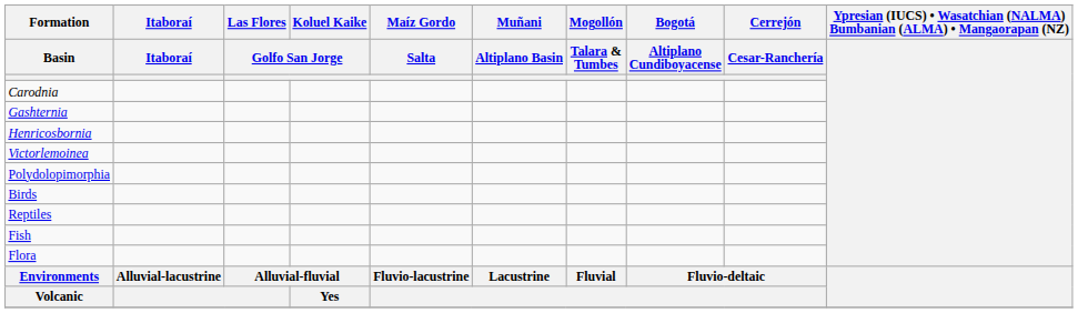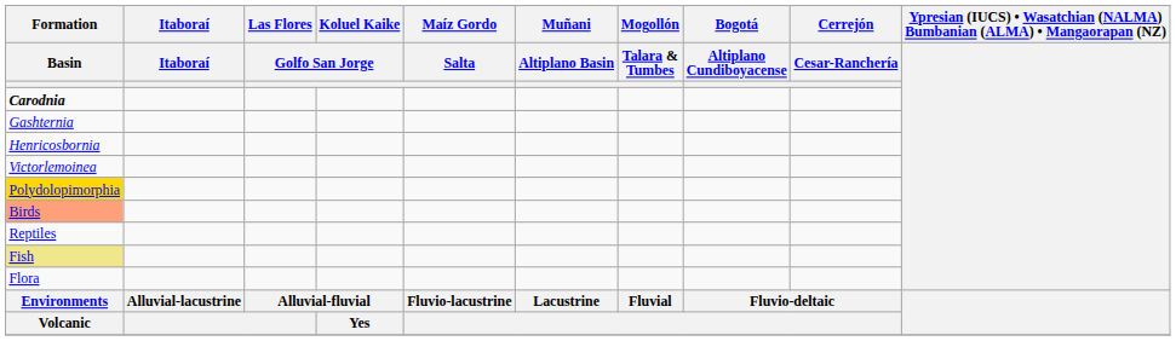 <table class="wikitable" style="font-size: 70%">
 <tr>
 <th>Formation</th>
 <th><a href='#'>Itaboraí</a></th>
 <th><a href='#'>Las Flores</a></th>
 <th><a href='#'>Koluel Kaike</a></th>
 <th><a href='#'>Maíz Gordo</a></th>
 <th><a href='#'>Muñani</a></th>
 <th><a href='#'>Mogollón</a></th>
 <th><a href='#'>Bogotá</a></th>
 <th><a href='#'>Cerrejón</a></th>
 <th><a href='#'>Ypresian</a> (IUCS) • <a href='#'>Wasatchian</a> (<a href='#'>NALMA</a>)<br><a href='#'>Bumbanian</a> (<a href='#'>ALMA</a>) • <a href='#'>Mangaorapan</a> (NZ)</th>
 </tr>
 <tr>
 <th>Basin</th>
 <th><a href='#'>Itaboraí</a></th>
 <th colspan=2><a href='#'>Golfo San Jorge</a></th>
 <th><a href='#'>Salta</a></th>
 <th><a href='#'>Altiplano Basin</a></th>
 <th><a href='#'>Talara</a> &<br><a href='#'>Tumbes</a></th>
 <th><a href='#'>Altiplano<br>Cundiboyacense</a></th>
 <th><a href='#'>Cesar-Ranchería</a></th>
 <th align=center rowspan=11></th>
 </tr>
 <tr>
 <th></th>
 <th></th>
 <th colspan=3></th>
 <th colspan=2></th>
 <th colspan=2></th>
 </tr>
 <tr>
-<td><em>Carodnia</em></td>
+<td><strong><em>Carodnia</em></strong></td>
 <td align=center></td>
 <td align=center></td>
 <td align=center></td>
 <td align=center></td>
 <td align=center></td>
 <td align=center></td>
 <td align=center></td>
 <td align=center></td>
 </tr>
 <tr>
 <td><em><a href='#'>Gashternia</a></em></td>
 <td align=center></td>
 <td align=center></td>
 <td align=center></td>
 <td align=center></td>
 <td align=center></td>
 <td align=center></td>
 <td align=center></td>
 <td align=center></td>
 </tr>
 <tr>
 <td><em><a href='#'>Henricosbornia</a></em></td>
 <td align=center></td>
 <td align=center></td>
 <td align=center></td>
 <td align=center></td>
 <td align=center></td>
 <td align=center></td>
 <td align=center></td>
 <td align=center></td>
 </tr>
 <tr>
 <td><em><a href='#'>Victorlemoinea</a></em></td>
 <td align=center></td>
 <td align=center></td>
 <td align=center></td>
 <td align=center></td>
 <td align=center></td>
 <td align=center></td>
 <td align=center></td>
 <td align=center></td>
 </tr>
 <tr>
-<td><a href='#'>Polydolopimorphia</a></td>
+<td style="background: gold;"><a href='#'>Polydolopimorphia</a></td>
 <td align=center></td>
 <td align=center></td>
 <td align=center></td>
 <td align=center></td>
 <td align=center></td>
 <td align=center></td>
 <td align=center></td>
 <td align=center></td>
 </tr>
 <tr>
-<td><a href='#'>Birds</a></td>
+<td style="background: lightsalmon;"><a href='#'>Birds</a></td>
 <td align=center></td>
 <td align=center></td>
 <td align=center></td>
 <td align=center></td>
 <td align=center></td>
 <td align=center></td>
 <td align=center></td>
 <td align=center></td>
 </tr>
 <tr>
 <td><a href='#'>Reptiles</a></td>
 <td align=center></td>
 <td align=center></td>
 <td align=center></td>
 <td align=center></td>
 <td align=center></td>
 <td align=center></td>
 <td align=center></td>
 <td align=center></td>
 </tr>
 <tr>
-<td><a href='#'>Fish</a></td>
+<td style="background: khaki;"><a href='#'>Fish</a></td>
 <td align=center></td>
 <td align=center></td>
 <td align=center></td>
 <td align=center></td>
 <td align=center></td>
 <td align=center></td>
 <td align=center></td>
 <td align=center></td>
 </tr>
 <tr>
 <td><a href='#'>Flora</a></td>
 <td align=center></td>
 <td align=center></td>
 <td align=center></td>
 <td align=center></td>
 <td align=center></td>
 <td align=center></td>
 <td align=center></td>
 <td align=center></td>
 </tr>
 <tr>
 <th><a href='#'>Environments</a></th>
 <th>Alluvial-lacustrine</th>
 <th colspan=2>Alluvial-fluvial</th>
 <th>Fluvio-lacustrine</th>
 <th>Lacustrine</th>
 <th>Fluvial</th>
 <th colspan=2>Fluvio-deltaic</th>
 <th rowspan=2 align=left><br><br></th>
 </tr>
 <tr>
 <th>Volcanic</th>
 <th colspan=2></th>
 <th>Yes</th>
 <th colspan=5></th>
 </tr>
 <tr>
 </tr>
 </table>
